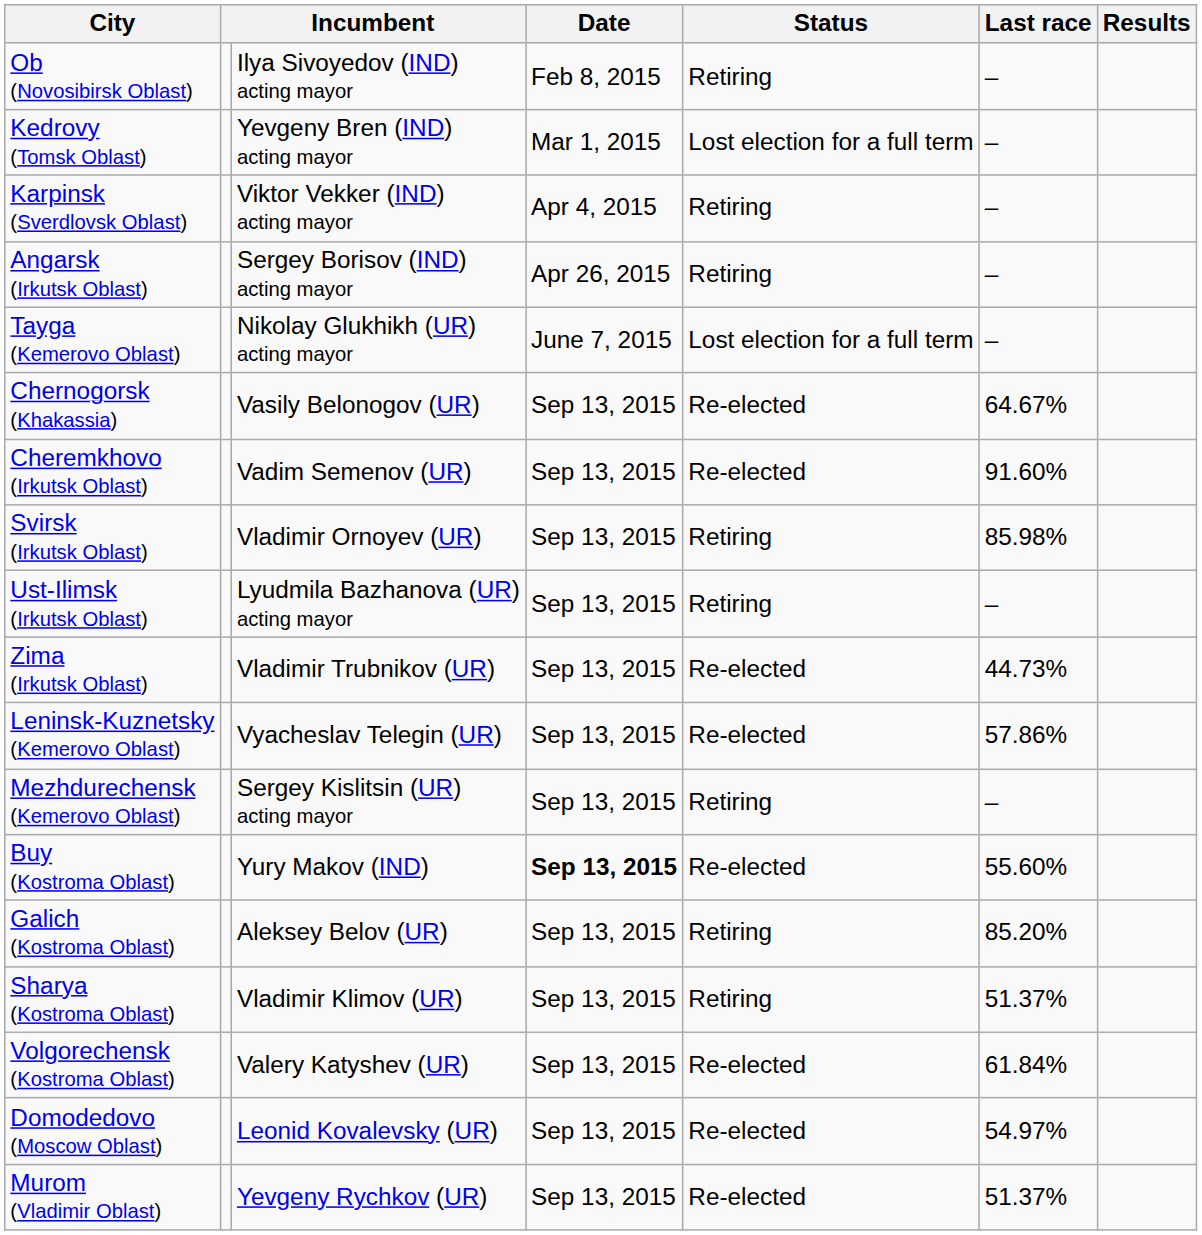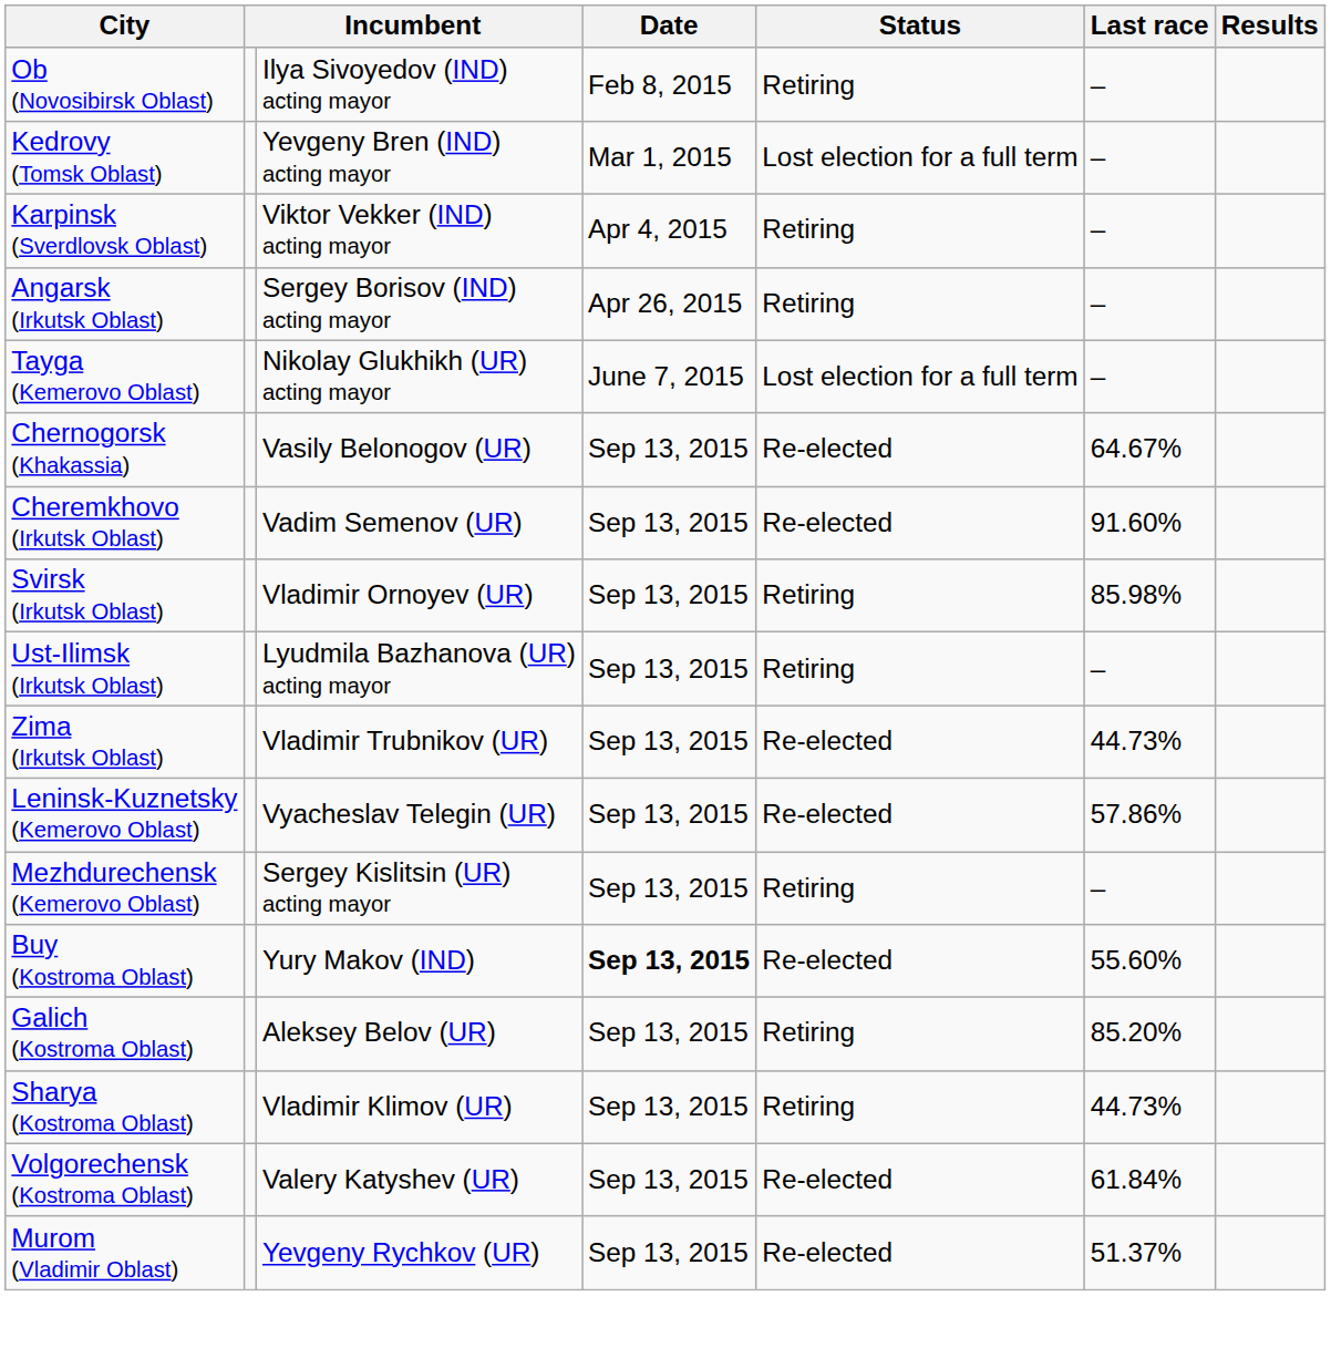 <table class="wikitable">
 <tr>
 <th>City</th>
 <th colspan=2>Incumbent</th>
 <th>Date</th>
 <th>Status</th>
 <th>Last race</th>
 <th>Results</th>
 </tr>
 <tr>
 <td><a href='#'>Ob</a><br><small>(<a href='#'>Novosibirsk Oblast</a>)</small></td>
 <td style="background-color:"></td>
 <td>Ilya Sivoyedov (<a href='#'>IND</a>)<br><small>acting mayor</small></td>
 <td>Feb 8, 2015</td>
 <td>Retiring</td>
 <td>–</td>
 <td nowrap></td>
 </tr>
 <tr>
 <td><a href='#'>Kedrovy</a><br><small>(<a href='#'>Tomsk Oblast</a>)</small></td>
 <td style="background-color:"></td>
 <td>Yevgeny Bren (<a href='#'>IND</a>)<br><small>acting mayor</small></td>
 <td>Mar 1, 2015</td>
 <td>Lost election for a full term</td>
 <td>–</td>
 <td nowrap></td>
 </tr>
 <tr>
 <td><a href='#'>Karpinsk</a><br><small>(<a href='#'>Sverdlovsk Oblast</a>)</small></td>
 <td style="background-color:"></td>
 <td>Viktor Vekker (<a href='#'>IND</a>)<br><small>acting mayor</small></td>
 <td>Apr 4, 2015</td>
 <td>Retiring</td>
 <td>–</td>
 <td nowrap></td>
 </tr>
 <tr>
 <td><a href='#'>Angarsk</a><br><small>(<a href='#'>Irkutsk Oblast</a>)</small></td>
 <td style="background-color:"></td>
 <td>Sergey Borisov (<a href='#'>IND</a>)<br><small>acting mayor</small></td>
 <td>Apr 26, 2015</td>
 <td>Retiring</td>
 <td>–</td>
 <td nowrap></td>
 </tr>
 <tr>
 <td><a href='#'>Tayga</a><br><small>(<a href='#'>Kemerovo Oblast</a>)</small></td>
 <td style="background-color:"></td>
 <td>Nikolay Glukhikh (<a href='#'>UR</a>)<br><small>acting mayor</small></td>
 <td>June 7, 2015</td>
 <td>Lost election for a full term</td>
 <td>–</td>
 <td nowrap></td>
 </tr>
 <tr>
 <td><a href='#'>Chernogorsk</a><br><small>(<a href='#'>Khakassia</a>)</small></td>
 <td style="background-color:"></td>
 <td>Vasily Belonogov (<a href='#'>UR</a>)</td>
 <td>Sep 13, 2015</td>
 <td>Re-elected</td>
 <td>64.67%</td>
 <td nowrap></td>
 </tr>
 <tr>
 <td><a href='#'>Cheremkhovo</a><br><small>(<a href='#'>Irkutsk Oblast</a>)</small></td>
 <td style="background-color:"></td>
 <td>Vadim Semenov (<a href='#'>UR</a>)</td>
 <td>Sep 13, 2015</td>
 <td>Re-elected</td>
 <td>91.60%</td>
 <td nowrap></td>
 </tr>
 <tr>
 <td><a href='#'>Svirsk</a><br><small>(<a href='#'>Irkutsk Oblast</a>)</small></td>
 <td style="background-color:"></td>
 <td>Vladimir Ornoyev (<a href='#'>UR</a>)</td>
 <td>Sep 13, 2015</td>
 <td>Retiring</td>
 <td>85.98%</td>
 <td nowrap></td>
 </tr>
 <tr>
 <td><a href='#'>Ust-Ilimsk</a><br><small>(<a href='#'>Irkutsk Oblast</a>)</small></td>
 <td style="background-color:"></td>
 <td>Lyudmila Bazhanova (<a href='#'>UR</a>)<br><small>acting mayor</small></td>
 <td>Sep 13, 2015</td>
 <td>Retiring</td>
 <td>–</td>
 <td nowrap></td>
 </tr>
 <tr>
 <td><a href='#'>Zima</a><br><small>(<a href='#'>Irkutsk Oblast</a>)</small></td>
 <td style="background-color:"></td>
 <td>Vladimir Trubnikov (<a href='#'>UR</a>)</td>
 <td>Sep 13, 2015</td>
 <td>Re-elected</td>
 <td>44.73%</td>
 <td nowrap></td>
 </tr>
 <tr>
 <td><a href='#'>Leninsk-Kuznetsky</a><br><small>(<a href='#'>Kemerovo Oblast</a>)</small></td>
 <td style="background-color:"></td>
 <td>Vyacheslav Telegin (<a href='#'>UR</a>)</td>
 <td>Sep 13, 2015</td>
 <td>Re-elected</td>
 <td>57.86%</td>
 <td nowrap></td>
 </tr>
 <tr>
 <td><a href='#'>Mezhdurechensk</a><br><small>(<a href='#'>Kemerovo Oblast</a>)</small></td>
 <td style="background-color:"></td>
 <td>Sergey Kislitsin (<a href='#'>UR</a>)<br><small>acting mayor</small></td>
 <td>Sep 13, 2015</td>
 <td>Retiring</td>
 <td>–</td>
 <td nowrap></td>
 </tr>
 <tr>
 <td><a href='#'>Buy</a><br><small>(<a href='#'>Kostroma Oblast</a>)</small></td>
 <td style="background-color:"></td>
 <td>Yury Makov (<a href='#'>IND</a>)</td>
 <td><strong>Sep 13, 2015</strong></td>
 <td>Re-elected</td>
 <td>55.60%</td>
 <td nowrap></td>
 </tr>
 <tr>
 <td><a href='#'>Galich</a><br><small>(<a href='#'>Kostroma Oblast</a>)</small></td>
 <td style="background-color:"></td>
 <td>Aleksey Belov (<a href='#'>UR</a>)</td>
 <td>Sep 13, 2015</td>
 <td>Retiring</td>
 <td>85.20%</td>
 <td nowrap></td>
 </tr>
 <tr>
 <td><a href='#'>Sharya</a><br><small>(<a href='#'>Kostroma Oblast</a>)</small></td>
 <td style="background-color:"></td>
 <td>Vladimir Klimov (<a href='#'>UR</a>)</td>
 <td>Sep 13, 2015</td>
 <td>Retiring</td>
-<td>51.37%</td>
+<td>44.73%</td>
 <td nowrap></td>
 </tr>
 <tr>
 <td><a href='#'>Volgorechensk</a><br><small>(<a href='#'>Kostroma Oblast</a>)</small></td>
 <td style="background-color:"></td>
 <td>Valery Katyshev (<a href='#'>UR</a>)</td>
 <td>Sep 13, 2015</td>
 <td>Re-elected</td>
 <td>61.84%</td>
 <td nowrap></td>
 </tr>
 <tr>
-<td><a href='#'>Domodedovo</a><br><small>(<a href='#'>Moscow Oblast</a>)</small></td>
-<td style="background-color:"></td>
-<td><a href='#'>Leonid Kovalevsky</a> (<a href='#'>UR</a>)</td>
-<td>Sep 13, 2015</td>
-<td>Re-elected</td>
-<td>54.97%</td>
-<td nowrap></td>
-</tr>
-<tr>
 <td><a href='#'>Murom</a><br><small>(<a href='#'>Vladimir Oblast</a>)</small></td>
 <td style="background-color:"></td>
 <td><a href='#'>Yevgeny Rychkov</a> (<a href='#'>UR</a>)</td>
 <td>Sep 13, 2015</td>
 <td>Re-elected</td>
 <td>51.37%</td>
 <td nowrap></td>
 </tr>
 </table>
